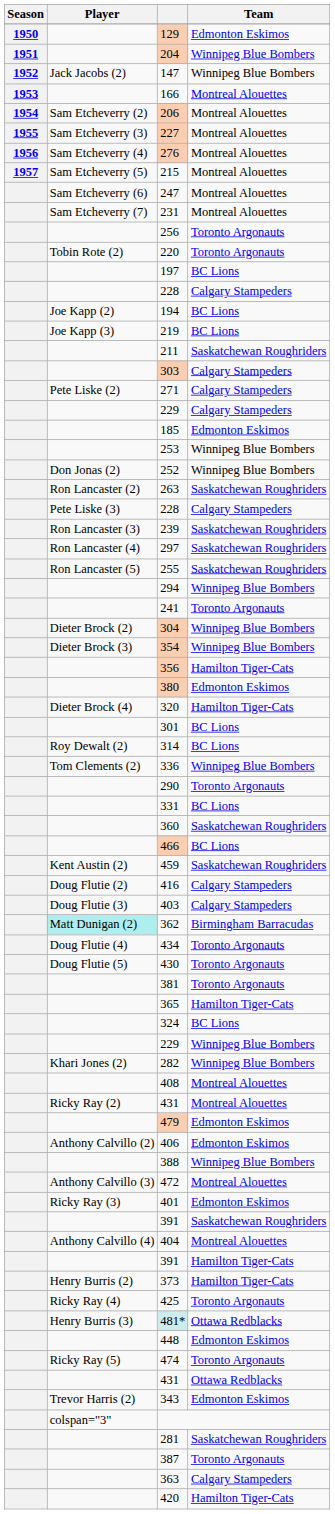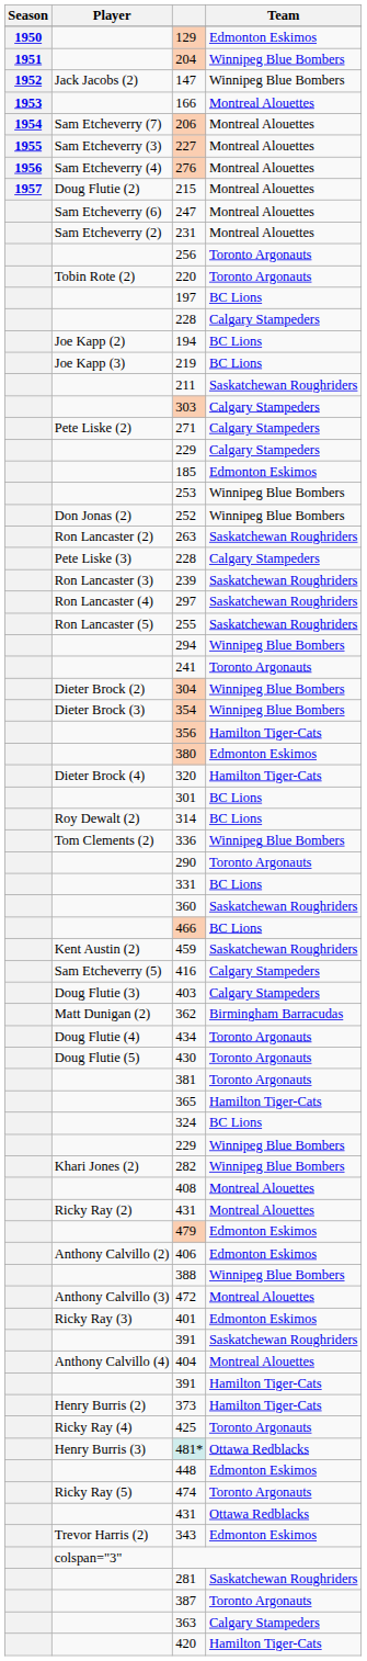 <table class="plainrowheaders sortable wikitable">
 <tr>
 <th scope=col>Season</th>
 <th scope=col>Player</th>
 <th scope=col></th>
 <th scope=col>Team</th>
 </tr>
 <tr>
 </tr>
 <tr>
 <th scope=row><a href='#'>1950</a></th>
 <td></td>
 <td style="background-color:#FBCEB1">129</td>
 <td><a href='#'>Edmonton Eskimos</a></td>
 </tr>
 <tr>
 <th scope=row><a href='#'>1951</a></th>
 <td></td>
 <td style="background-color:#FBCEB1">204</td>
 <td><a href='#'>Winnipeg Blue Bombers</a></td>
 </tr>
 <tr>
 <th scope=row><a href='#'>1952</a></th>
 <td>Jack Jacobs (2)</td>
 <td>147</td>
 <td>Winnipeg Blue Bombers</td>
 </tr>
 <tr>
 <th scope=row><a href='#'>1953</a></th>
 <td></td>
 <td>166</td>
 <td><a href='#'>Montreal Alouettes</a></td>
 </tr>
 <tr>
 <th scope=row><a href='#'>1954</a></th>
-<td>Sam Etcheverry (2)</td>
+<td>Sam Etcheverry (7)</td>
 <td style="background-color:#FBCEB1">206</td>
 <td>Montreal Alouettes</td>
 </tr>
 <tr>
 <th scope=row><a href='#'>1955</a></th>
 <td>Sam Etcheverry (3)</td>
 <td style="background-color:#FBCEB1">227</td>
 <td>Montreal Alouettes</td>
 </tr>
 <tr>
 <th scope=row><a href='#'>1956</a></th>
 <td>Sam Etcheverry (4)</td>
 <td style="background-color:#FBCEB1">276</td>
 <td>Montreal Alouettes</td>
 </tr>
 <tr>
 <th scope=row><a href='#'>1957</a></th>
-<td>Sam Etcheverry (5)</td>
+<td>Doug Flutie (2)</td>
 <td>215</td>
 <td>Montreal Alouettes</td>
 </tr>
 <tr>
 <th scope=row></th>
 <td>Sam Etcheverry (6)</td>
 <td>247</td>
 <td>Montreal Alouettes</td>
 </tr>
 <tr>
 <th scope=row></th>
-<td>Sam Etcheverry (7)</td>
+<td>Sam Etcheverry (2)</td>
 <td>231</td>
 <td>Montreal Alouettes</td>
 </tr>
 <tr>
 <th scope=row></th>
 <td></td>
 <td>256</td>
 <td><a href='#'>Toronto Argonauts</a></td>
 </tr>
 <tr>
 <th scope=row></th>
 <td>Tobin Rote (2)</td>
 <td>220</td>
 <td><a href='#'>Toronto Argonauts</a></td>
 </tr>
 <tr>
 <th scope=row></th>
 <td></td>
 <td>197</td>
 <td><a href='#'>BC Lions</a></td>
 </tr>
 <tr>
 <th scope=row></th>
 <td></td>
 <td>228</td>
 <td><a href='#'>Calgary Stampeders</a></td>
 </tr>
 <tr>
 <th scope=row></th>
 <td>Joe Kapp (2)</td>
 <td>194</td>
 <td><a href='#'>BC Lions</a></td>
 </tr>
 <tr>
 <th scope=row></th>
 <td>Joe Kapp (3)</td>
 <td>219</td>
 <td><a href='#'>BC Lions</a></td>
 </tr>
 <tr>
 <th scope=row></th>
 <td></td>
 <td>211</td>
 <td><a href='#'>Saskatchewan Roughriders</a></td>
 </tr>
 <tr>
 <th scope=row></th>
 <td></td>
 <td style="background-color:#FBCEB1">303</td>
 <td><a href='#'>Calgary Stampeders</a></td>
 </tr>
 <tr>
 <th scope=row></th>
 <td>Pete Liske (2)</td>
 <td>271</td>
 <td><a href='#'>Calgary Stampeders</a></td>
 </tr>
 <tr>
 <th scope=row></th>
 <td></td>
 <td>229</td>
 <td><a href='#'>Calgary Stampeders</a></td>
 </tr>
 <tr>
 <th scope=row></th>
 <td></td>
 <td>185</td>
 <td><a href='#'>Edmonton Eskimos</a></td>
 </tr>
 <tr>
 <th scope=row></th>
 <td></td>
 <td>253</td>
 <td>Winnipeg Blue Bombers</td>
 </tr>
 <tr>
 <th scope=row></th>
 <td>Don Jonas (2)</td>
 <td>252</td>
 <td>Winnipeg Blue Bombers</td>
 </tr>
 <tr>
 <th scope=row></th>
 <td>Ron Lancaster (2)</td>
 <td>263</td>
 <td><a href='#'>Saskatchewan Roughriders</a></td>
 </tr>
 <tr>
 <th scope=row></th>
 <td>Pete Liske (3)</td>
 <td>228</td>
 <td><a href='#'>Calgary Stampeders</a></td>
 </tr>
 <tr>
 <th scope=row></th>
 <td>Ron Lancaster (3)</td>
 <td>239</td>
 <td><a href='#'>Saskatchewan Roughriders</a></td>
 </tr>
 <tr>
 <th scope=row></th>
 <td>Ron Lancaster (4)</td>
 <td>297</td>
 <td><a href='#'>Saskatchewan Roughriders</a></td>
 </tr>
 <tr>
 <th scope=row></th>
 <td>Ron Lancaster (5)</td>
 <td>255</td>
 <td><a href='#'>Saskatchewan Roughriders</a></td>
 </tr>
 <tr>
 <th scope=row></th>
 <td></td>
 <td>294</td>
 <td><a href='#'>Winnipeg Blue Bombers</a></td>
 </tr>
 <tr>
 <th scope=row></th>
 <td></td>
 <td>241</td>
 <td><a href='#'>Toronto Argonauts</a></td>
 </tr>
 <tr>
 <th scope=row></th>
 <td>Dieter Brock (2)</td>
 <td style="background-color:#FBCEB1">304</td>
 <td><a href='#'>Winnipeg Blue Bombers</a></td>
 </tr>
 <tr>
 <th scope=row></th>
 <td>Dieter Brock (3)</td>
 <td style="background-color:#FBCEB1">354</td>
 <td><a href='#'>Winnipeg Blue Bombers</a></td>
 </tr>
 <tr>
 <th scope=row></th>
 <td></td>
 <td style="background-color:#FBCEB1">356</td>
 <td><a href='#'>Hamilton Tiger-Cats</a></td>
 </tr>
 <tr>
 <th scope=row></th>
 <td></td>
 <td style="background-color:#FBCEB1">380</td>
 <td><a href='#'>Edmonton Eskimos</a></td>
 </tr>
 <tr>
 <th scope=row></th>
 <td>Dieter Brock (4)</td>
 <td>320</td>
 <td><a href='#'>Hamilton Tiger-Cats</a></td>
 </tr>
 <tr>
 <th scope=row></th>
 <td></td>
 <td>301</td>
 <td><a href='#'>BC Lions</a></td>
 </tr>
 <tr>
 <th scope=row></th>
 <td>Roy Dewalt (2)</td>
 <td>314</td>
 <td><a href='#'>BC Lions</a></td>
 </tr>
 <tr>
 <th scope=row></th>
 <td>Tom Clements (2)</td>
 <td>336</td>
 <td><a href='#'>Winnipeg Blue Bombers</a></td>
 </tr>
 <tr>
 <th scope=row></th>
 <td></td>
 <td>290</td>
 <td><a href='#'>Toronto Argonauts</a></td>
 </tr>
 <tr>
 <th scope=row></th>
 <td></td>
 <td>331</td>
 <td><a href='#'>BC Lions</a></td>
 </tr>
 <tr>
 <th scope=row></th>
 <td></td>
 <td>360</td>
 <td><a href='#'>Saskatchewan Roughriders</a></td>
 </tr>
 <tr>
 <th scope=row></th>
 <td></td>
 <td style="background-color:#FBCEB1">466</td>
 <td><a href='#'>BC Lions</a></td>
 </tr>
 <tr>
 <th scope=row></th>
 <td>Kent Austin (2)</td>
 <td>459</td>
 <td><a href='#'>Saskatchewan Roughriders</a></td>
 </tr>
 <tr>
 <th scope=row></th>
-<td>Doug Flutie (2)</td>
+<td>Sam Etcheverry (5)</td>
 <td>416</td>
 <td><a href='#'>Calgary Stampeders</a></td>
 </tr>
 <tr>
 <th scope=row></th>
 <td>Doug Flutie (3)</td>
 <td>403</td>
 <td><a href='#'>Calgary Stampeders</a></td>
 </tr>
 <tr>
 <th scope=row></th>
-<td style="background: paleturquoise;">Matt Dunigan (2)</td>
+<td>Matt Dunigan (2)</td>
 <td>362</td>
 <td><a href='#'>Birmingham Barracudas</a></td>
 </tr>
 <tr>
 <th scope=row></th>
 <td>Doug Flutie (4)</td>
 <td>434</td>
 <td><a href='#'>Toronto Argonauts</a></td>
 </tr>
 <tr>
 <th scope=row></th>
 <td>Doug Flutie (5)</td>
 <td>430</td>
 <td><a href='#'>Toronto Argonauts</a></td>
 </tr>
 <tr>
 <th scope=row></th>
 <td></td>
 <td>381</td>
 <td><a href='#'>Toronto Argonauts</a></td>
 </tr>
 <tr>
 <th scope=row></th>
 <td></td>
 <td>365</td>
 <td><a href='#'>Hamilton Tiger-Cats</a></td>
 </tr>
 <tr>
 <th scope=row></th>
 <td></td>
 <td>324</td>
 <td><a href='#'>BC Lions</a></td>
 </tr>
 <tr>
 <th scope=row></th>
 <td></td>
 <td>229</td>
 <td><a href='#'>Winnipeg Blue Bombers</a></td>
 </tr>
 <tr>
 <th scope=row></th>
 <td>Khari Jones (2)</td>
 <td>282</td>
 <td><a href='#'>Winnipeg Blue Bombers</a></td>
 </tr>
 <tr>
 <th scope=row></th>
 <td></td>
 <td>408</td>
 <td><a href='#'>Montreal Alouettes</a></td>
 </tr>
 <tr>
 <th scope=row></th>
 <td>Ricky Ray (2)</td>
 <td>431</td>
 <td><a href='#'>Montreal Alouettes</a></td>
 </tr>
 <tr>
 <th scope=row></th>
 <td></td>
 <td style="background-color:#FBCEB1">479</td>
 <td><a href='#'>Edmonton Eskimos</a></td>
 </tr>
 <tr>
 <th scope=row></th>
 <td>Anthony Calvillo (2)</td>
 <td>406</td>
 <td><a href='#'>Edmonton Eskimos</a></td>
 </tr>
 <tr>
 <th scope=row></th>
 <td></td>
 <td>388</td>
 <td><a href='#'>Winnipeg Blue Bombers</a></td>
 </tr>
 <tr>
 <th scope=row></th>
 <td>Anthony Calvillo (3)</td>
 <td>472</td>
 <td><a href='#'>Montreal Alouettes</a></td>
 </tr>
 <tr>
 <th scope=row></th>
 <td>Ricky Ray (3)</td>
 <td>401</td>
 <td><a href='#'>Edmonton Eskimos</a></td>
 </tr>
 <tr>
 <th scope=row></th>
 <td></td>
 <td>391</td>
 <td><a href='#'>Saskatchewan Roughriders</a></td>
 </tr>
 <tr>
 <th scope=row></th>
 <td>Anthony Calvillo (4)</td>
 <td>404</td>
 <td><a href='#'>Montreal Alouettes</a></td>
 </tr>
 <tr>
 <th scope=row></th>
 <td></td>
 <td>391</td>
 <td><a href='#'>Hamilton Tiger-Cats</a></td>
 </tr>
 <tr>
 <th scope=row></th>
 <td>Henry Burris (2)</td>
 <td>373</td>
 <td><a href='#'>Hamilton Tiger-Cats</a></td>
 </tr>
 <tr>
 <th scope=row></th>
 <td>Ricky Ray (4)</td>
 <td>425</td>
 <td><a href='#'>Toronto Argonauts</a></td>
 </tr>
 <tr>
 <th scope=row></th>
 <td>Henry Burris (3)</td>
 <td style="background-color:#CFECEC">481*</td>
 <td><a href='#'>Ottawa Redblacks</a></td>
 </tr>
 <tr>
 <th scope=row></th>
 <td></td>
 <td>448</td>
 <td><a href='#'>Edmonton Eskimos</a></td>
 </tr>
 <tr>
 <th scope=row></th>
 <td>Ricky Ray (5)</td>
 <td>474</td>
 <td><a href='#'>Toronto Argonauts</a></td>
 </tr>
 <tr>
 <th scope=row></th>
 <td></td>
 <td>431</td>
 <td><a href='#'>Ottawa Redblacks</a></td>
 </tr>
 <tr>
 <th scope=row></th>
 <td>Trevor Harris (2)</td>
 <td>343</td>
 <td><a href='#'>Edmonton Eskimos</a></td>
 </tr>
 <tr>
 <th scope=row></th>
 <td>colspan="3" </td>
 </tr>
 <tr>
 <th scope=row></th>
 <td></td>
 <td>281</td>
 <td><a href='#'>Saskatchewan Roughriders</a></td>
 </tr>
 <tr>
 <th scope=row></th>
 <td></td>
 <td>387</td>
 <td><a href='#'>Toronto Argonauts</a></td>
 </tr>
 <tr>
 <th scope=row></th>
 <td></td>
 <td>363</td>
 <td><a href='#'>Calgary Stampeders</a></td>
 </tr>
 <tr>
 <th scope=row></th>
 <td></td>
 <td>420</td>
 <td><a href='#'>Hamilton Tiger-Cats</a></td>
 </tr>
 </table>
